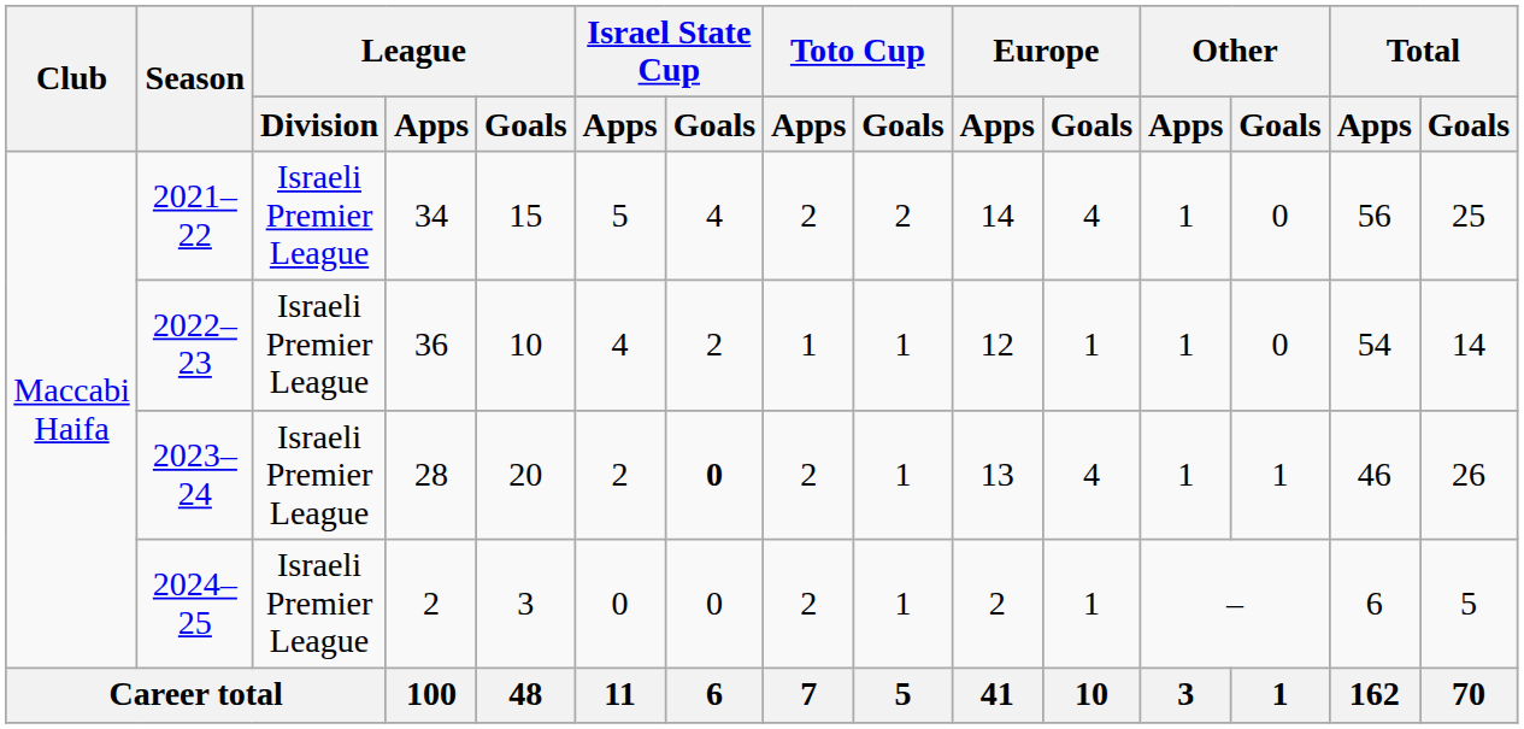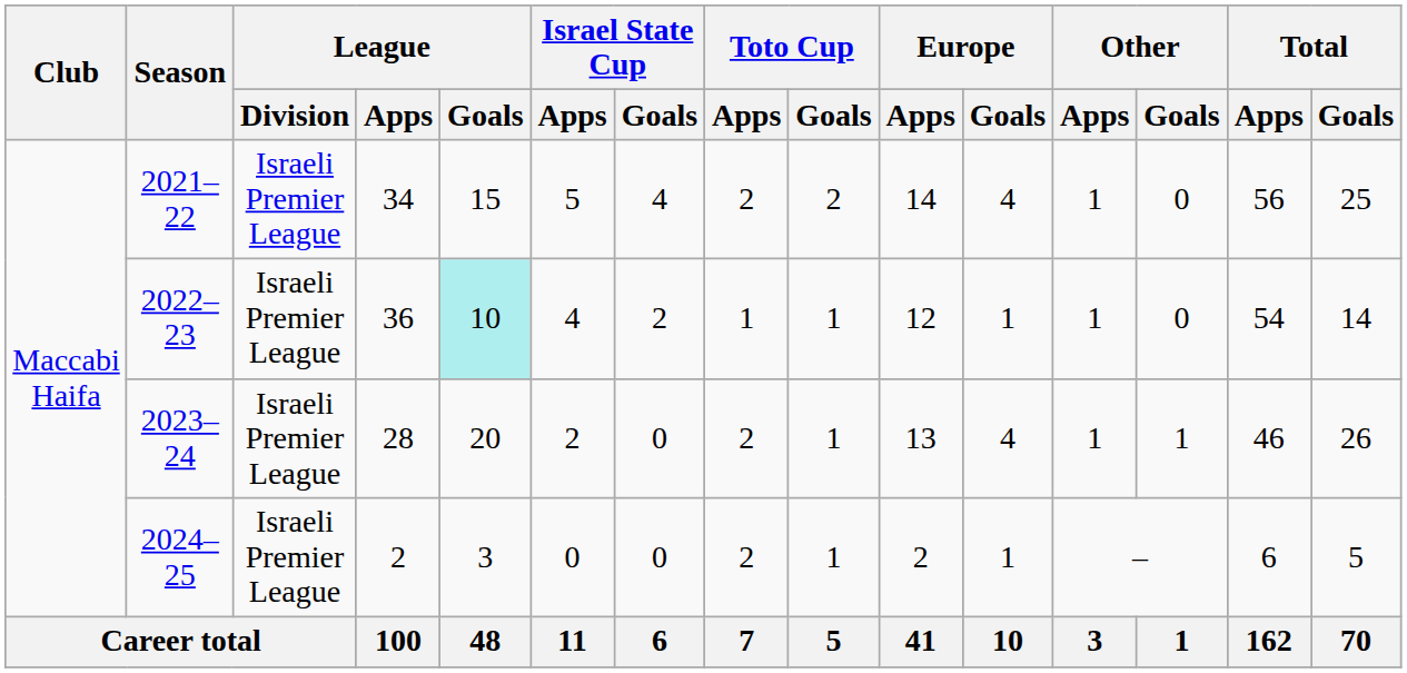 <table class="wikitable" style="text-align:center">
 <tr>
 <th rowspan="2">Club</th>
 <th rowspan="2">Season</th>
 <th colspan="3">League</th>
 <th colspan="2"><a href='#'>Israel State Cup</a></th>
 <th colspan="2"><a href='#'>Toto Cup</a></th>
 <th colspan="2">Europe</th>
 <th colspan="2">Other</th>
 <th colspan="2">Total</th>
 </tr>
 <tr>
 <th>Division</th>
 <th>Apps</th>
 <th>Goals</th>
 <th>Apps</th>
 <th>Goals</th>
 <th>Apps</th>
 <th>Goals</th>
 <th>Apps</th>
 <th>Goals</th>
 <th>Apps</th>
 <th>Goals</th>
 <th>Apps</th>
 <th>Goals</th>
 </tr>
 <tr>
 <td rowspan="4"><a href='#'>Maccabi Haifa</a></td>
 <td><a href='#'>2021–22</a></td>
 <td><a href='#'>Israeli Premier League</a></td>
 <td>34</td>
 <td>15</td>
 <td>5</td>
 <td>4</td>
 <td>2</td>
 <td>2</td>
 <td>14</td>
 <td>4</td>
 <td>1</td>
 <td>0</td>
 <td>56</td>
 <td>25</td>
 </tr>
 <tr>
 <td><a href='#'>2022–23</a></td>
 <td>Israeli Premier League</td>
 <td>36</td>
-<td>10</td>
+<td style="background: paleturquoise;">10</td>
 <td>4</td>
 <td>2</td>
 <td>1</td>
 <td>1</td>
 <td>12</td>
 <td>1</td>
 <td>1</td>
 <td>0</td>
 <td>54</td>
 <td>14</td>
 </tr>
 <tr>
 <td><a href='#'>2023–24</a></td>
 <td>Israeli Premier League</td>
 <td>28</td>
 <td>20</td>
 <td>2</td>
-<td><strong>0</strong></td>
+<td>0</td>
 <td>2</td>
 <td>1</td>
 <td>13</td>
 <td>4</td>
 <td>1</td>
 <td>1</td>
 <td>46</td>
 <td>26</td>
 </tr>
 <tr>
 <td><a href='#'>2024–25</a></td>
 <td>Israeli Premier League</td>
 <td>2</td>
 <td>3</td>
 <td>0</td>
 <td>0</td>
 <td>2</td>
 <td>1</td>
 <td>2</td>
 <td>1</td>
 <td colspan="2">–</td>
 <td>6</td>
 <td>5</td>
 </tr>
 <tr>
 <th colspan="3">Career total</th>
 <th>100</th>
 <th>48</th>
 <th>11</th>
 <th>6</th>
 <th>7</th>
 <th>5</th>
 <th>41</th>
 <th>10</th>
 <th>3</th>
 <th>1</th>
 <th>162</th>
 <th>70</th>
 </tr>
 </table>
